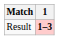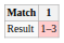 <table class="wikitable">
 <tr>
 <th>Match</th>
 <th>1</th>
 </tr>
 <tr>
 <td>Result</td>
-<td bgcolor="#FFCCCC"><strong>1–3</strong></td>
+<td bgcolor="#FFCCCC">1–3</td>
 </tr>
 </table>
